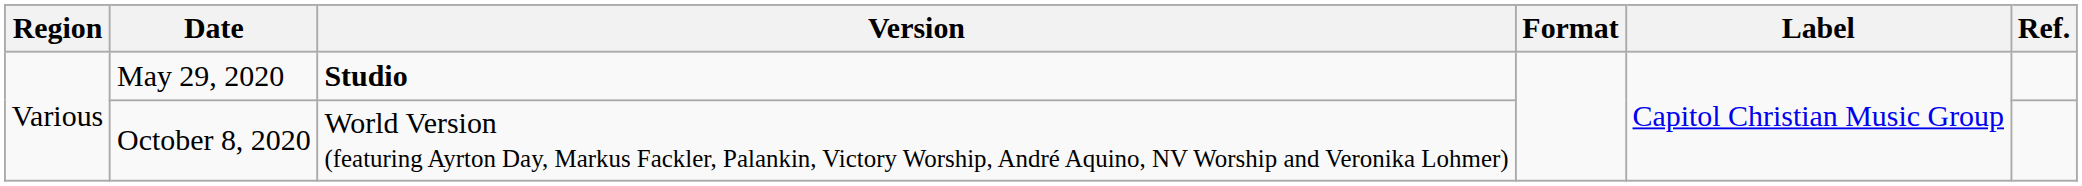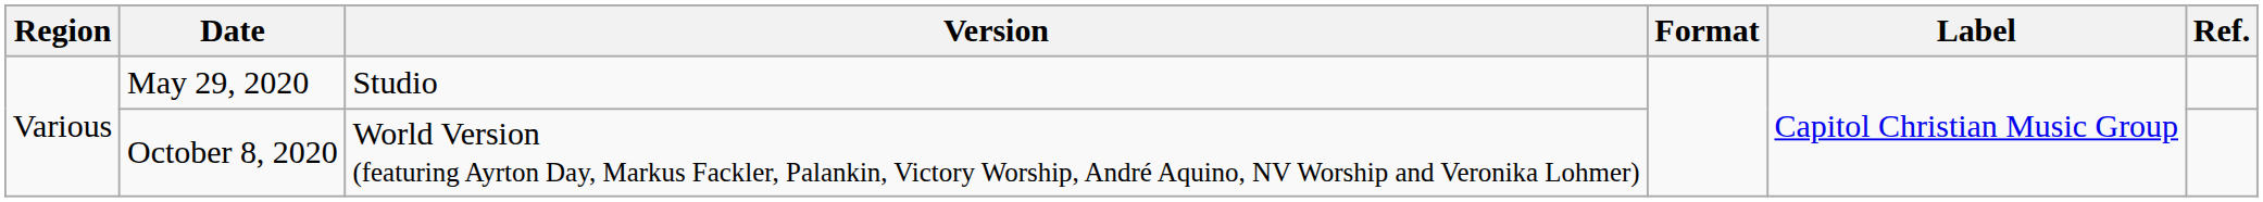 <table class="wikitable plainrowheaders">
 <tr>
 <th scope="col">Region</th>
 <th scope="col">Date</th>
 <th scope="col">Version</th>
 <th scope="col">Format</th>
 <th scope="col">Label</th>
 <th scope="col">Ref.</th>
 </tr>
 <tr>
 <td rowspan="2">Various</td>
 <td>May 29, 2020</td>
-<td><strong>Studio</strong></td>
+<td>Studio</td>
 <td rowspan="2"></td>
 <td rowspan="2"><a href='#'>Capitol Christian Music Group</a></td>
 <td></td>
 </tr>
 <tr>
 <td>October 8, 2020</td>
 <td>World Version <br><small>(featuring Ayrton Day, Markus Fackler, Palankin, Victory Worship, André Aquino, NV Worship and Veronika Lohmer)</small></td>
 <td></td>
 </tr>
 </table>
